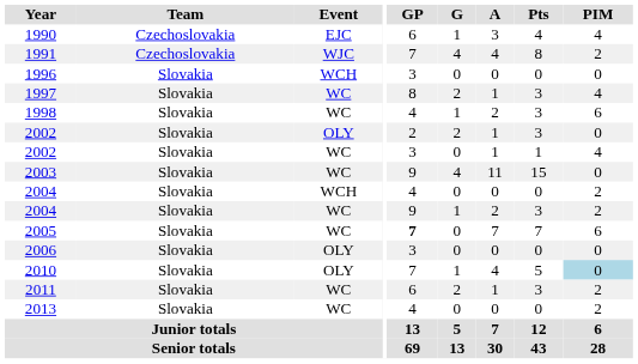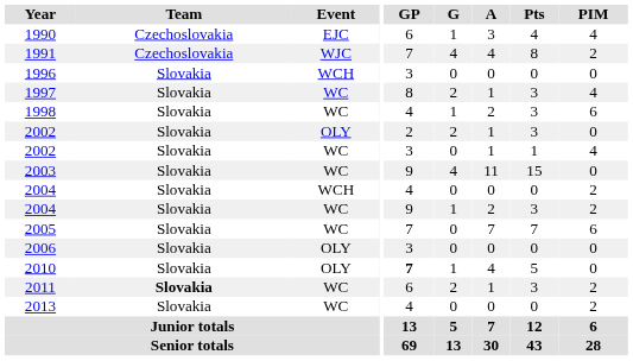 <table border="0" cellpadding="1" cellspacing="0" ID="Table3" style="text-align:center; width:40em">
 <tr bgcolor="#e0e0e0">
 <th>Year</th>
 <th>Team</th>
 <th>Event</th>
 <th rowspan="102" bgcolor="#ffffff"></th>
 <th>GP</th>
 <th>G</th>
 <th>A</th>
 <th>Pts</th>
 <th>PIM</th>
 </tr>
 <tr>
 <td><a href='#'>1990</a></td>
 <td><a href='#'>Czechoslovakia</a></td>
 <td><a href='#'>EJC</a></td>
 <td>6</td>
 <td>1</td>
 <td>3</td>
 <td>4</td>
 <td>4</td>
 </tr>
 <tr bgcolor="#f0f0f0">
 <td><a href='#'>1991</a></td>
 <td><a href='#'>Czechoslovakia</a></td>
 <td><a href='#'>WJC</a></td>
 <td>7</td>
 <td>4</td>
 <td>4</td>
 <td>8</td>
 <td>2</td>
 </tr>
 <tr>
 <td><a href='#'>1996</a></td>
 <td><a href='#'>Slovakia</a></td>
 <td><a href='#'>WCH</a></td>
 <td>3</td>
 <td>0</td>
 <td>0</td>
 <td>0</td>
 <td>0</td>
 </tr>
 <tr bgcolor="#f0f0f0">
 <td><a href='#'>1997</a></td>
 <td>Slovakia</td>
 <td><a href='#'>WC</a></td>
 <td>8</td>
 <td>2</td>
 <td>1</td>
 <td>3</td>
 <td>4</td>
 </tr>
 <tr>
 <td><a href='#'>1998</a></td>
 <td>Slovakia</td>
 <td>WC</td>
 <td>4</td>
 <td>1</td>
 <td>2</td>
 <td>3</td>
 <td>6</td>
 </tr>
 <tr bgcolor="#f0f0f0">
 <td><a href='#'>2002</a></td>
 <td>Slovakia</td>
 <td><a href='#'>OLY</a></td>
 <td>2</td>
 <td>2</td>
 <td>1</td>
 <td>3</td>
 <td>0</td>
 </tr>
 <tr>
 <td><a href='#'>2002</a></td>
 <td>Slovakia</td>
 <td>WC</td>
 <td>3</td>
 <td>0</td>
 <td>1</td>
 <td>1</td>
 <td>4</td>
 </tr>
 <tr bgcolor="#f0f0f0">
 <td><a href='#'>2003</a></td>
 <td>Slovakia</td>
 <td>WC</td>
 <td>9</td>
 <td>4</td>
 <td>11</td>
 <td>15</td>
 <td>0</td>
 </tr>
 <tr>
 <td><a href='#'>2004</a></td>
 <td>Slovakia</td>
 <td>WCH</td>
 <td>4</td>
 <td>0</td>
 <td>0</td>
 <td>0</td>
 <td>2</td>
 </tr>
 <tr bgcolor="#f0f0f0">
 <td><a href='#'>2004</a></td>
 <td>Slovakia</td>
 <td>WC</td>
 <td>9</td>
 <td>1</td>
 <td>2</td>
 <td>3</td>
 <td>2</td>
 </tr>
 <tr>
 <td><a href='#'>2005</a></td>
 <td>Slovakia</td>
 <td>WC</td>
-<td><strong>7</strong></td>
+<td>7</td>
 <td>0</td>
 <td>7</td>
 <td>7</td>
 <td>6</td>
 </tr>
 <tr bgcolor="#f0f0f0">
 <td><a href='#'>2006</a></td>
 <td>Slovakia</td>
 <td>OLY</td>
 <td>3</td>
 <td>0</td>
 <td>0</td>
 <td>0</td>
 <td>0</td>
 </tr>
 <tr>
 <td><a href='#'>2010</a></td>
 <td>Slovakia</td>
 <td>OLY</td>
-<td>7</td>
+<td><strong>7</strong></td>
 <td>1</td>
 <td>4</td>
 <td>5</td>
-<td style="background: lightblue;">0</td>
+<td>0</td>
 </tr>
 <tr bgcolor="#f0f0f0">
 <td><a href='#'>2011</a></td>
-<td>Slovakia</td>
+<td><strong>Slovakia</strong></td>
 <td>WC</td>
 <td>6</td>
 <td>2</td>
 <td>1</td>
 <td>3</td>
 <td>2</td>
 </tr>
 <tr>
 <td><a href='#'>2013</a></td>
 <td>Slovakia</td>
 <td>WC</td>
 <td>4</td>
 <td>0</td>
 <td>0</td>
 <td>0</td>
 <td>2</td>
 </tr>
 <tr bgcolor="#e0e0e0">
 <th colspan="3">Junior totals</th>
 <th>13</th>
 <th>5</th>
 <th>7</th>
 <th>12</th>
 <th>6</th>
 </tr>
 <tr bgcolor="#e0e0e0">
 <th colspan="3">Senior totals</th>
 <th>69</th>
 <th>13</th>
 <th>30</th>
 <th>43</th>
 <th>28</th>
 </tr>
 </table>
